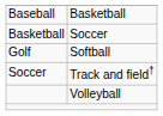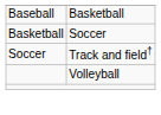 <table class="wikitable" style="float:right; clear:right; margin:0 0 1em 1em;">
 <tr>
 </tr>
 <tr>
 <td>Baseball</td>
 <td>Basketball</td>
 </tr>
 <tr>
 <td>Basketball</td>
 <td>Soccer</td>
-</tr>
-<tr>
-<td>Golf</td>
-<td>Softball</td>
 </tr>
 <tr>
 <td>Soccer</td>
 <td>Track and field<sup>†</sup></td>
 </tr>
 <tr>
 <td></td>
 <td>Volleyball</td>
 </tr>
 <tr>
 <td colspan="2"></td>
 </tr>
 </table>
